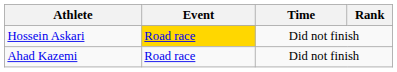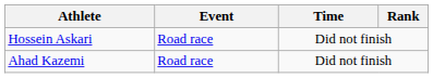 <table class="wikitable" width="50%" style="text-align:center; font-size:90%">
 <tr>
 <th width="30%">Athlete</th>
 <th width="25%">Event</th>
 <th width="20%">Time</th>
 <th width="10%">Rank</th>
 </tr>
 <tr>
 <td align="left"><a href='#'>Hossein Askari</a></td>
-<td align="left" style="background: gold;"><a href='#'>Road race</a></td>
+<td align="left"><a href='#'>Road race</a></td>
 <td colspan="2">Did not finish</td>
 </tr>
 <tr>
 <td align="left"><a href='#'>Ahad Kazemi</a></td>
 <td align="left"><a href='#'>Road race</a></td>
 <td colspan="2">Did not finish</td>
 </tr>
 </table>
